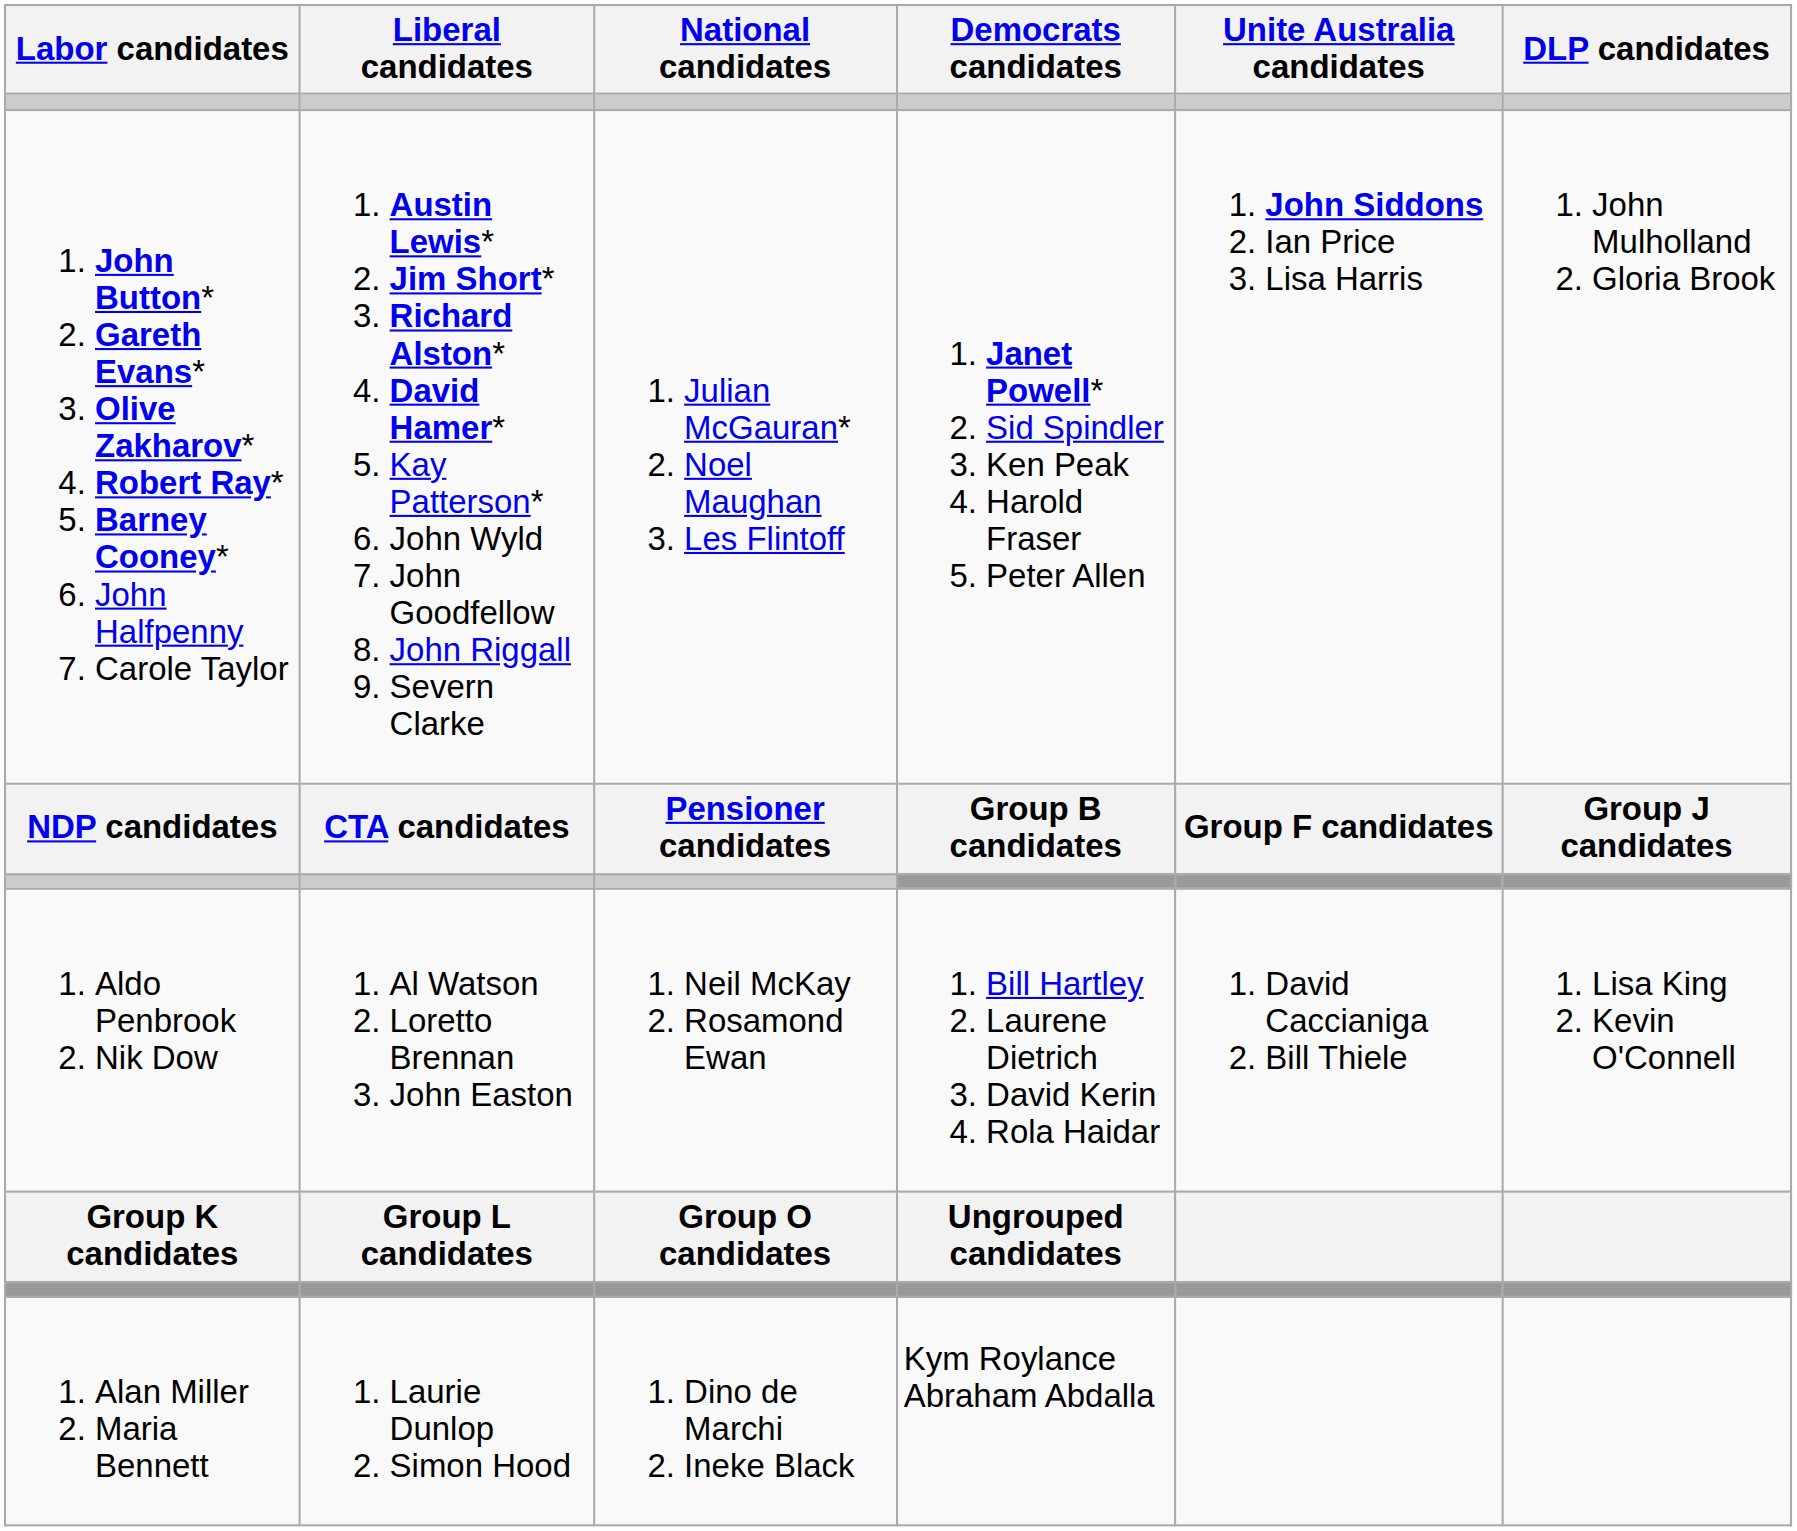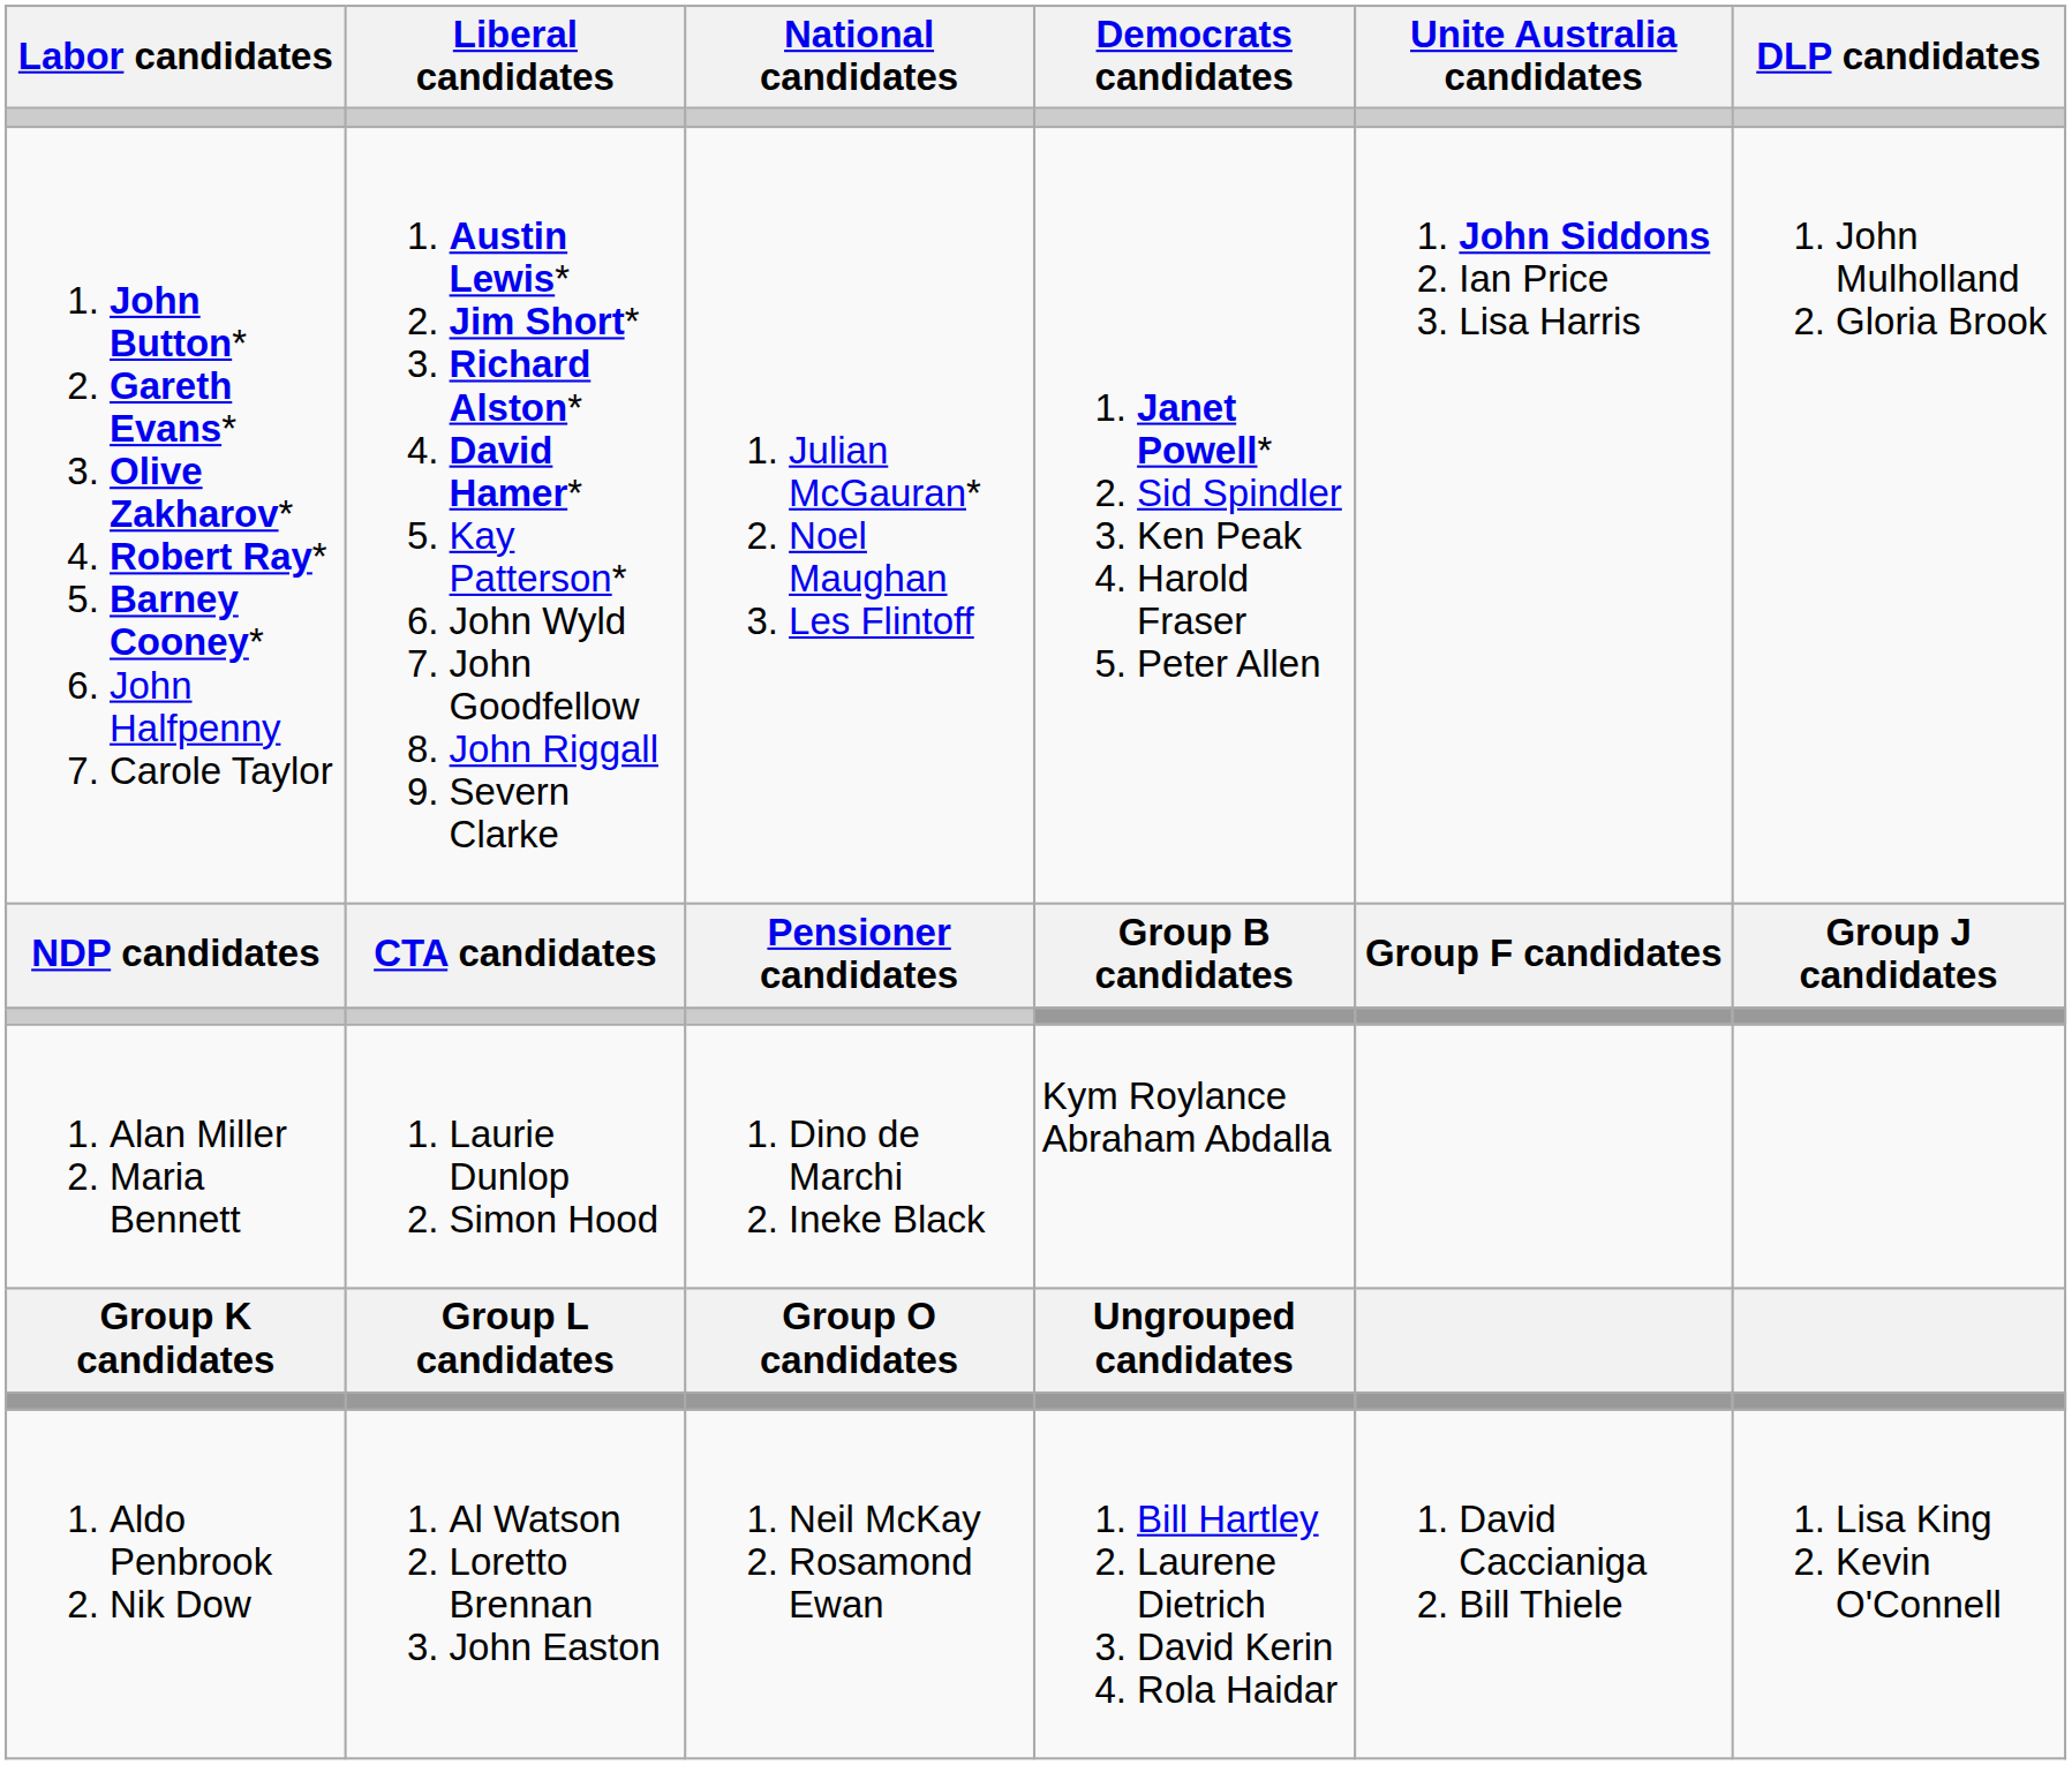 <table class="wikitable">
 <tr>
 <th><a href='#'>Labor</a> candidates</th>
 <th><a href='#'>Liberal</a> candidates</th>
 <th><a href='#'>National</a> candidates</th>
 <th><a href='#'>Democrats</a> candidates</th>
 <th><a href='#'>Unite Australia</a> candidates</th>
 <th><a href='#'>DLP</a> candidates</th>
 </tr>
 <tr bgcolor="#cccccc">
 <td></td>
 <td></td>
 <td></td>
 <td></td>
 <td></td>
 <td></td>
 </tr>
 <tr>
 <td><br><ol><li><strong><a href='#'>John Button</a></strong>*</li><li><strong><a href='#'>Gareth Evans</a></strong>*</li><li><strong><a href='#'>Olive Zakharov</a></strong>*</li><li><strong><a href='#'>Robert Ray</a></strong>*</li><li><strong><a href='#'>Barney Cooney</a></strong>*</li><li><a href='#'>John Halfpenny</a></li><li>Carole Taylor</li></ol></td>
 <td><br><ol><li><strong><a href='#'>Austin Lewis</a></strong>*</li><li><strong><a href='#'>Jim Short</a></strong>*</li><li><strong><a href='#'>Richard Alston</a></strong>*</li><li><strong><a href='#'>David Hamer</a></strong>*</li><li><a href='#'>Kay Patterson</a>*</li><li>John Wyld</li><li>John Goodfellow</li><li><a href='#'>John Riggall</a></li><li>Severn Clarke</li></ol></td>
 <td><br><ol><li><a href='#'>Julian McGauran</a>*</li><li><a href='#'>Noel Maughan</a></li><li><a href='#'>Les Flintoff</a></li></ol></td>
 <td><br><ol><li><strong><a href='#'>Janet Powell</a></strong>*</li><li><a href='#'>Sid Spindler</a></li><li>Ken Peak</li><li>Harold Fraser</li><li>Peter Allen</li></ol></td>
 <td valign=top><br><ol><li><strong><a href='#'>John Siddons</a></strong></li><li>Ian Price</li><li>Lisa Harris</li></ol></td>
 <td valign=top><br><ol><li>John Mulholland</li><li>Gloria Brook</li></ol></td>
 </tr>
 <tr bgcolor="#cccccc">
 <th><a href='#'>NDP</a> candidates</th>
 <th><a href='#'>CTA</a> candidates</th>
 <th><a href='#'>Pensioner</a> candidates</th>
 <th>Group B candidates</th>
 <th>Group F candidates</th>
 <th>Group J candidates</th>
 </tr>
 <tr bgcolor="#cccccc">
 <td></td>
 <td></td>
 <td></td>
 <td bgcolor="#999999"></td>
 <td bgcolor="#999999"></td>
 <td bgcolor="#999999"></td>
 </tr>
 <tr>
-<td valign=top><br><ol><li>Aldo Penbrook</li><li>Nik Dow</li></ol></td>
-<td valign=top><br><ol><li>Al Watson</li><li>Loretto Brennan</li><li>John Easton</li></ol></td>
-<td valign=top><br><ol><li>Neil McKay</li><li>Rosamond Ewan</li></ol></td>
-<td valign=top><br><ol><li><a href='#'>Bill Hartley</a></li><li>Laurene Dietrich</li><li>David Kerin</li><li>Rola Haidar</li></ol></td>
-<td valign=top><br><ol><li>David Caccianiga</li><li>Bill Thiele</li></ol></td>
-<td valign=top><br><ol><li>Lisa King</li><li>Kevin O'Connell</li></ol></td>
+<td valign=top><br><ol><li>Alan Miller</li><li>Maria Bennett</li></ol></td>
+<td valign=top><br><ol><li>Laurie Dunlop</li><li>Simon Hood</li></ol></td>
+<td valign=top><br><ol><li>Dino de Marchi</li><li>Ineke Black</li></ol></td>
+<td valign=top><br>Kym Roylance<br> Abraham Abdalla</td>
+<td valign=top></td>
+<td valign=top></td>
 </tr>
 <tr bgcolor="#cccccc">
 <th>Group K candidates</th>
 <th>Group L candidates</th>
 <th>Group O candidates</th>
 <th>Ungrouped candidates</th>
 <th></th>
 <th></th>
 </tr>
 <tr bgcolor="#cccccc">
 <td bgcolor="#999999"></td>
 <td bgcolor="#999999"></td>
 <td bgcolor="#999999"></td>
 <td bgcolor="#999999"></td>
 <td bgcolor="#999999"></td>
 <td bgcolor="#999999"></td>
 </tr>
 <tr>
-<td valign=top><br><ol><li>Alan Miller</li><li>Maria Bennett</li></ol></td>
-<td valign=top><br><ol><li>Laurie Dunlop</li><li>Simon Hood</li></ol></td>
-<td valign=top><br><ol><li>Dino de Marchi</li><li>Ineke Black</li></ol></td>
-<td valign=top><br>Kym Roylance<br> Abraham Abdalla</td>
-<td valign=top></td>
-<td valign=top></td>
+<td valign=top><br><ol><li>Aldo Penbrook</li><li>Nik Dow</li></ol></td>
+<td valign=top><br><ol><li>Al Watson</li><li>Loretto Brennan</li><li>John Easton</li></ol></td>
+<td valign=top><br><ol><li>Neil McKay</li><li>Rosamond Ewan</li></ol></td>
+<td valign=top><br><ol><li><a href='#'>Bill Hartley</a></li><li>Laurene Dietrich</li><li>David Kerin</li><li>Rola Haidar</li></ol></td>
+<td valign=top><br><ol><li>David Caccianiga</li><li>Bill Thiele</li></ol></td>
+<td valign=top><br><ol><li>Lisa King</li><li>Kevin O'Connell</li></ol></td>
 </tr>
 </table>
